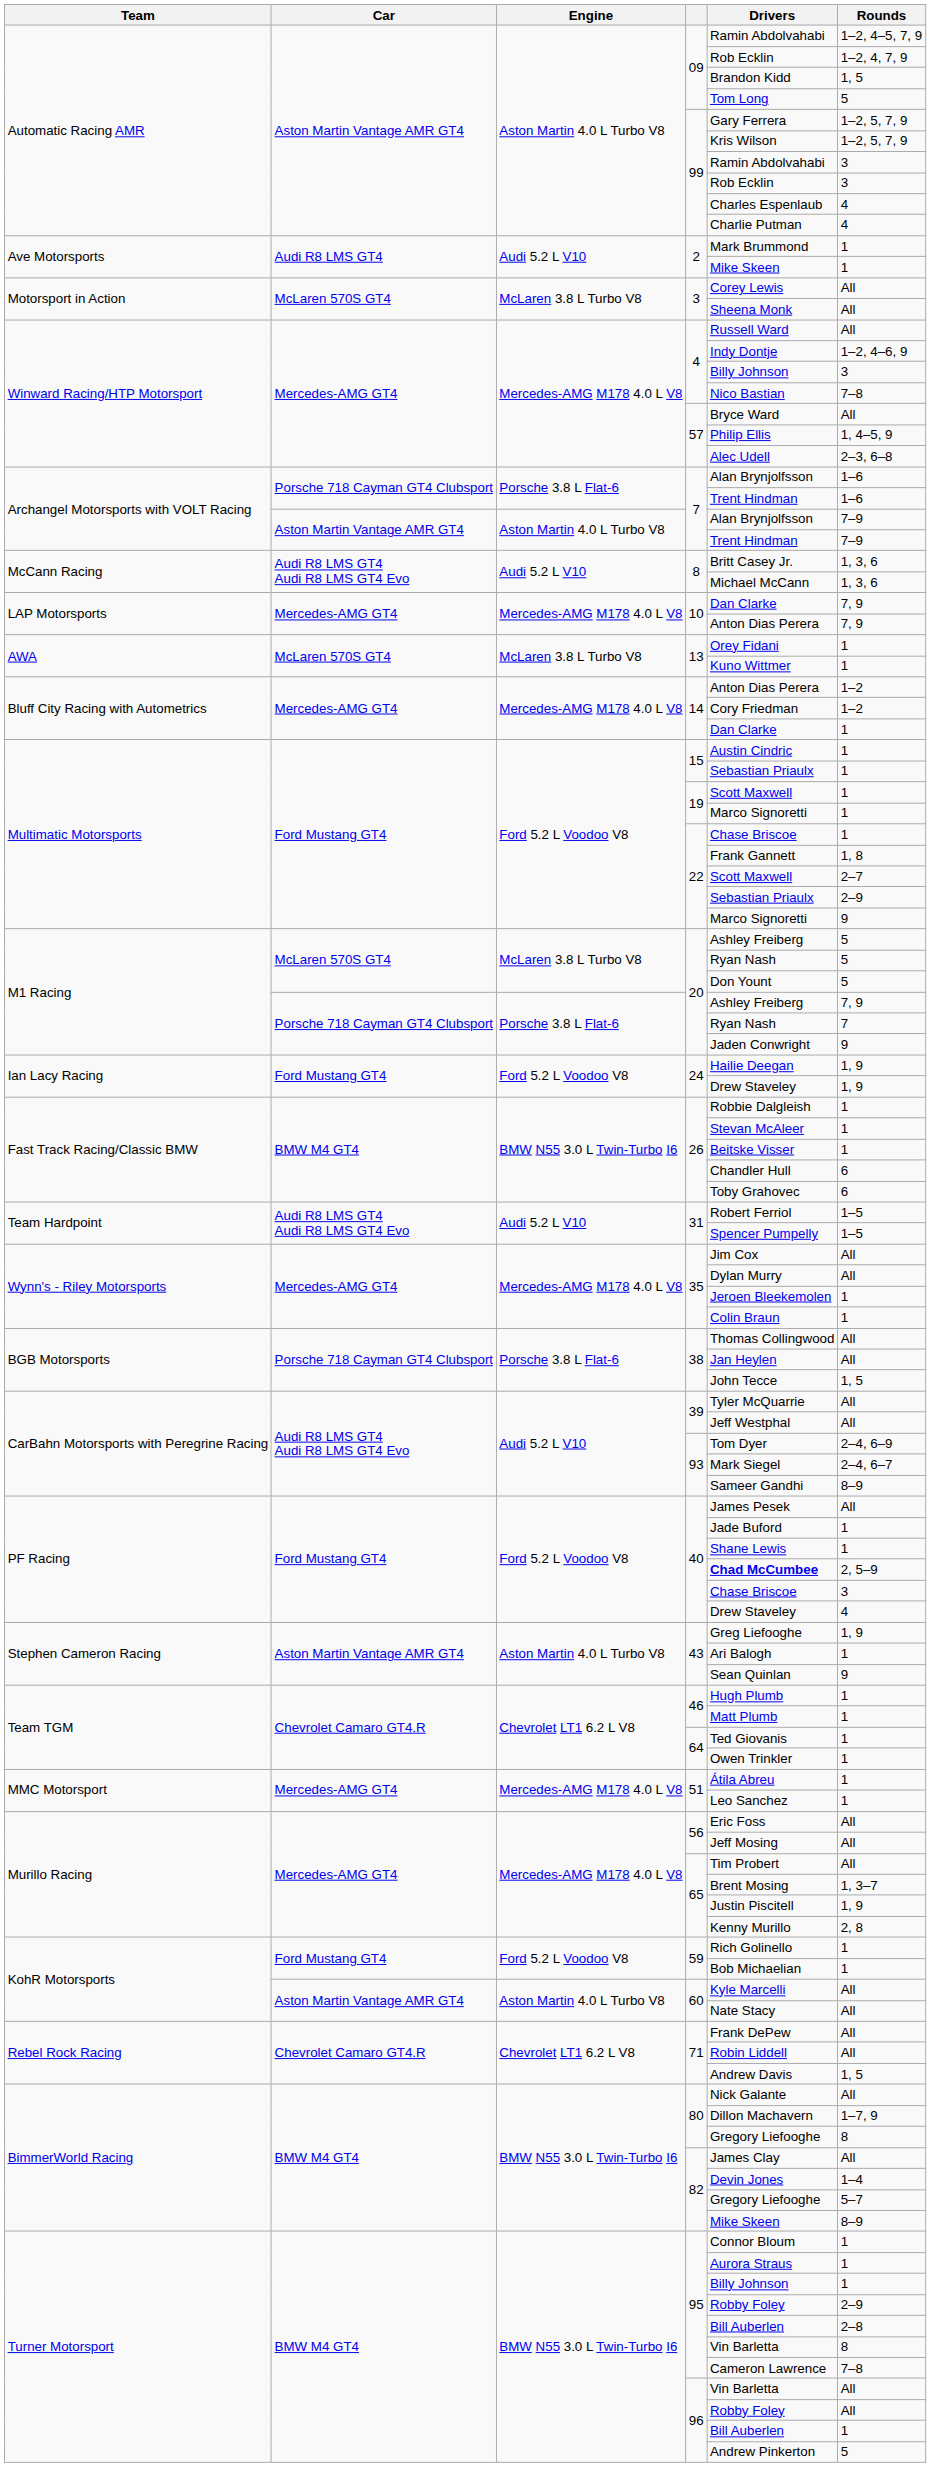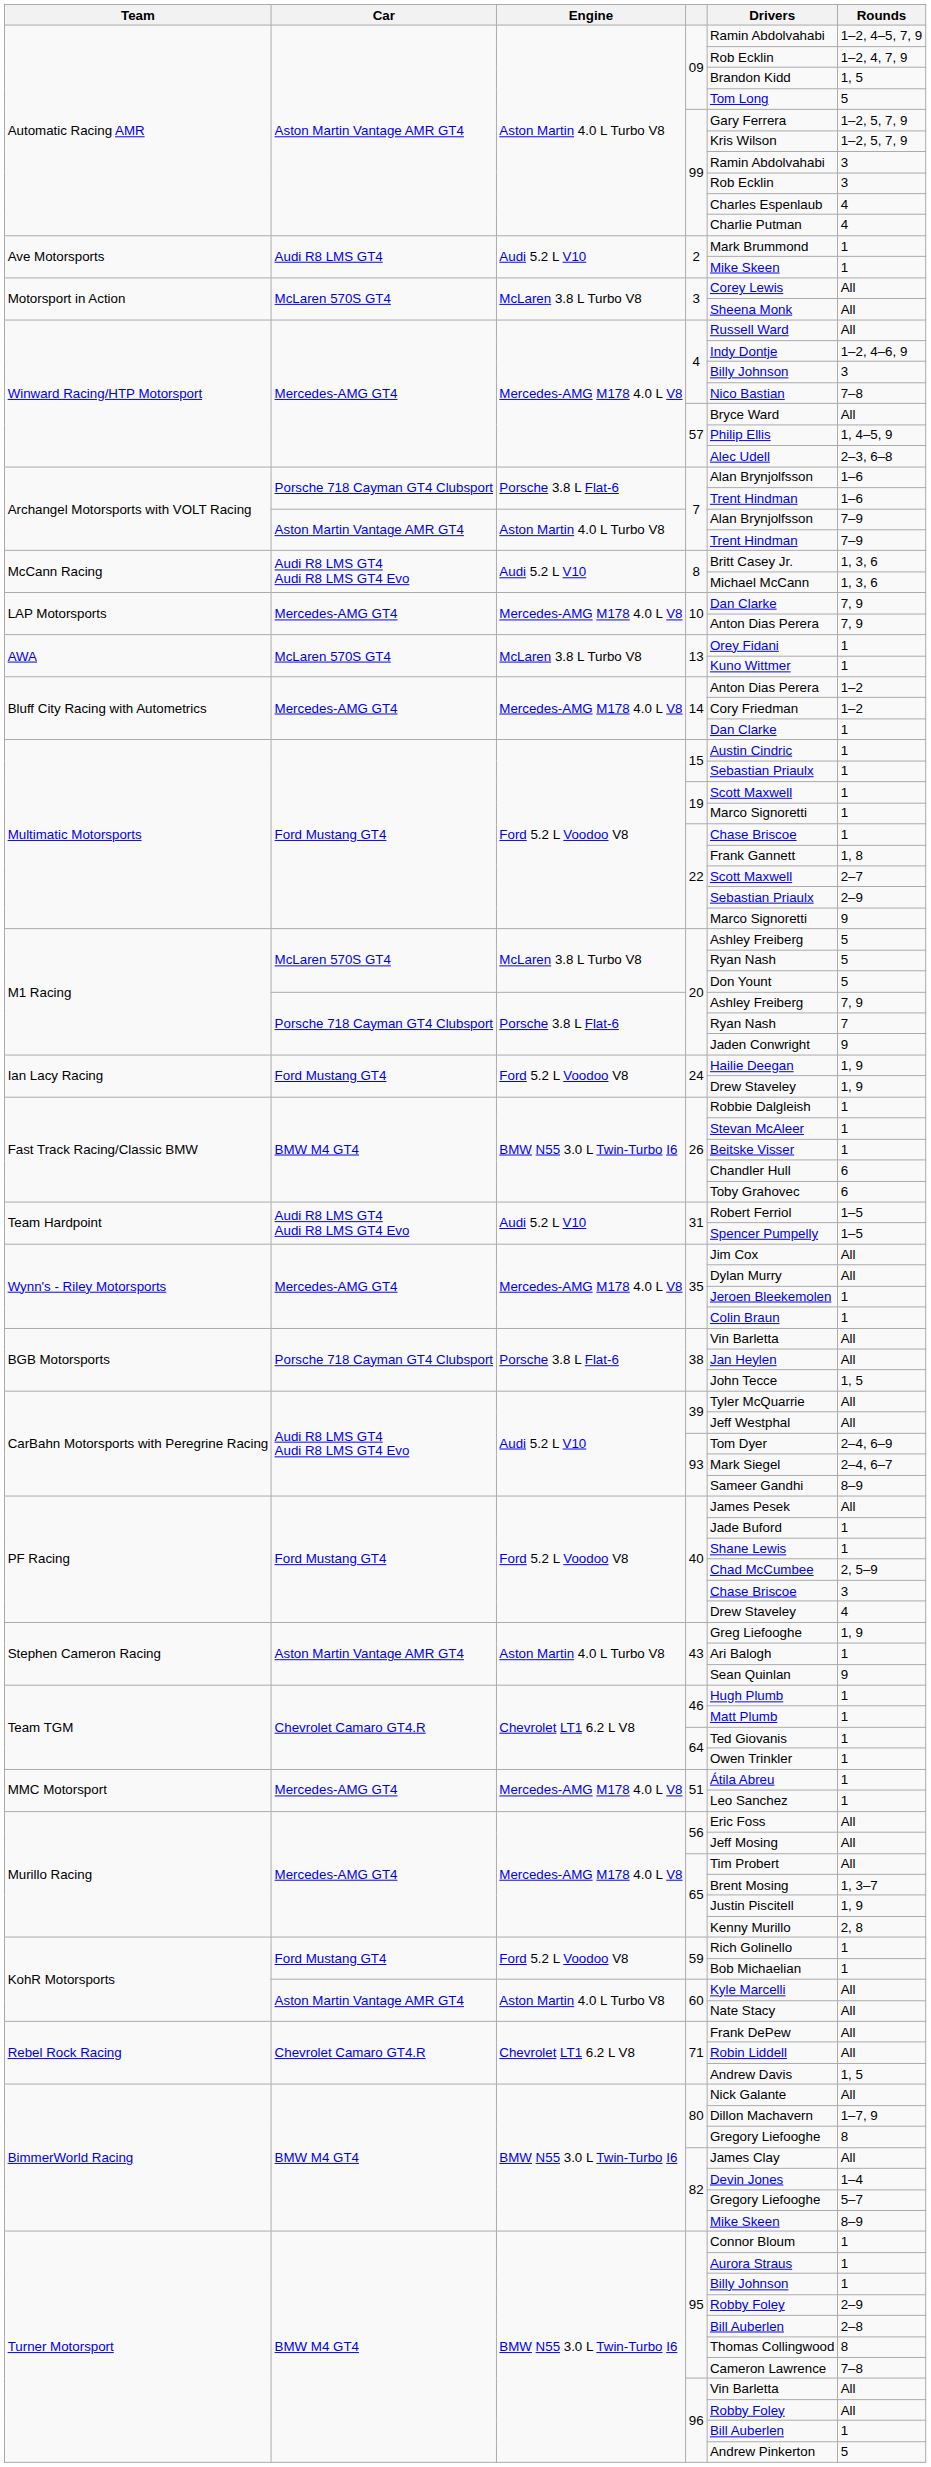 <table class="wikitable" style="font-size: 85%">
 <tr>
 <th>Team</th>
 <th>Car</th>
 <th>Engine</th>
 <th></th>
 <th>Drivers</th>
 <th>Rounds</th>
 </tr>
 <tr>
 <td rowspan=10> Automatic Racing <a href='#'>AMR</a></td>
 <td rowspan=10><a href='#'>Aston Martin Vantage AMR GT4</a></td>
 <td rowspan=10><a href='#'>Aston Martin</a> 4.0 L Turbo V8</td>
 <td rowspan=4 align="center">09</td>
 <td> Ramin Abdolvahabi</td>
 <td>1–2, 4–5, 7, 9</td>
 </tr>
 <tr>
 <td> Rob Ecklin</td>
 <td>1–2, 4, 7, 9</td>
 </tr>
 <tr>
 <td> Brandon Kidd</td>
 <td>1, 5</td>
 </tr>
 <tr>
 <td> <a href='#'>Tom Long</a></td>
 <td>5</td>
 </tr>
 <tr>
 <td rowspan=6 align="center">99</td>
 <td> Gary Ferrera</td>
 <td>1–2, 5, 7, 9</td>
 </tr>
 <tr>
 <td> Kris Wilson</td>
 <td>1–2, 5, 7, 9</td>
 </tr>
 <tr>
 <td> Ramin Abdolvahabi</td>
 <td>3</td>
 </tr>
 <tr>
 <td> Rob Ecklin</td>
 <td>3</td>
 </tr>
 <tr>
 <td> Charles Espenlaub</td>
 <td>4</td>
 </tr>
 <tr>
 <td> Charlie Putman</td>
 <td>4</td>
 </tr>
 <tr>
 <td rowspan=2> Ave Motorsports</td>
 <td rowspan=2><a href='#'>Audi R8 LMS GT4</a></td>
 <td rowspan=2><a href='#'>Audi</a> 5.2 L <a href='#'>V10</a></td>
 <td rowspan=2 align="center">2</td>
 <td> Mark Brummond</td>
 <td>1</td>
 </tr>
 <tr>
 <td> <a href='#'>Mike Skeen</a></td>
 <td>1</td>
 </tr>
 <tr>
 <td rowspan=2> Motorsport in Action</td>
 <td rowspan=2><a href='#'>McLaren 570S GT4</a></td>
 <td rowspan=2><a href='#'>McLaren</a> 3.8 L Turbo V8</td>
 <td rowspan=2 align="center">3</td>
 <td> <a href='#'>Corey Lewis</a></td>
 <td>All</td>
 </tr>
 <tr>
 <td> <a href='#'>Sheena Monk</a></td>
 <td>All</td>
 </tr>
 <tr>
 <td rowspan=7> <a href='#'>Winward Racing/HTP Motorsport</a></td>
 <td rowspan=7><a href='#'>Mercedes-AMG GT4</a></td>
 <td rowspan=7><a href='#'>Mercedes-AMG</a> <a href='#'>M178</a> 4.0 L <a href='#'>V8</a></td>
 <td rowspan=4 align="center">4</td>
 <td> <a href='#'>Russell Ward</a></td>
 <td>All</td>
 </tr>
 <tr>
 <td> <a href='#'>Indy Dontje</a></td>
 <td>1–2, 4–6, 9</td>
 </tr>
 <tr>
 <td> <a href='#'>Billy Johnson</a></td>
 <td>3</td>
 </tr>
 <tr>
 <td> <a href='#'>Nico Bastian</a></td>
 <td>7–8</td>
 </tr>
 <tr>
 <td rowspan=3 align="center">57</td>
 <td> Bryce Ward</td>
 <td>All</td>
 </tr>
 <tr>
 <td> <a href='#'>Philip Ellis</a></td>
 <td>1, 4–5, 9</td>
 </tr>
 <tr>
 <td> <a href='#'>Alec Udell</a></td>
 <td>2–3, 6–8</td>
 </tr>
 <tr>
 <td rowspan=4> Archangel Motorsports with VOLT Racing</td>
 <td rowspan=2><a href='#'>Porsche 718 Cayman GT4 Clubsport</a></td>
 <td rowspan=2><a href='#'>Porsche</a> 3.8 L <a href='#'>Flat-6</a></td>
 <td rowspan=4 align="center">7</td>
 <td> Alan Brynjolfsson</td>
 <td>1–6</td>
 </tr>
 <tr>
 <td> <a href='#'>Trent Hindman</a></td>
 <td>1–6</td>
 </tr>
 <tr>
 <td rowspan=2><a href='#'>Aston Martin Vantage AMR GT4</a></td>
 <td rowspan=2><a href='#'>Aston Martin</a> 4.0 L Turbo V8</td>
 <td> Alan Brynjolfsson</td>
 <td>7–9</td>
 </tr>
 <tr>
 <td> <a href='#'>Trent Hindman</a></td>
 <td>7–9</td>
 </tr>
 <tr>
 <td rowspan=2> McCann Racing</td>
 <td rowspan=2><a href='#'>Audi R8 LMS GT4</a> <small></small> <br><a href='#'>Audi R8 LMS GT4 Evo</a> <small></small></td>
 <td rowspan=2><a href='#'>Audi</a> 5.2 L <a href='#'>V10</a></td>
 <td rowspan=2 align="center">8</td>
 <td> Britt Casey Jr.</td>
 <td>1, 3, 6</td>
 </tr>
 <tr>
 <td> Michael McCann</td>
 <td>1, 3, 6</td>
 </tr>
 <tr>
 <td rowspan=2> LAP Motorsports</td>
 <td rowspan=2><a href='#'>Mercedes-AMG GT4</a></td>
 <td rowspan=2><a href='#'>Mercedes-AMG</a> <a href='#'>M178</a> 4.0 L <a href='#'>V8</a></td>
 <td rowspan=2 align="center">10</td>
 <td> <a href='#'>Dan Clarke</a></td>
 <td>7, 9</td>
 </tr>
 <tr>
 <td> Anton Dias Perera</td>
 <td>7, 9</td>
 </tr>
 <tr>
 <td rowspan=2> <a href='#'>AWA</a></td>
 <td rowspan=2><a href='#'>McLaren 570S GT4</a></td>
 <td rowspan=2><a href='#'>McLaren</a> 3.8 L Turbo V8</td>
 <td rowspan=2 align="center">13</td>
 <td> <a href='#'>Orey Fidani</a></td>
 <td>1</td>
 </tr>
 <tr>
 <td> <a href='#'>Kuno Wittmer</a></td>
 <td>1</td>
 </tr>
 <tr>
 <td rowspan=3> Bluff City Racing with Autometrics</td>
 <td rowspan=3><a href='#'>Mercedes-AMG GT4</a></td>
 <td rowspan=3><a href='#'>Mercedes-AMG</a> <a href='#'>M178</a> 4.0 L <a href='#'>V8</a></td>
 <td rowspan=3 align="center">14</td>
 <td> Anton Dias Perera</td>
 <td>1–2</td>
 </tr>
 <tr>
 <td> Cory Friedman</td>
 <td>1–2</td>
 </tr>
 <tr>
 <td> <a href='#'>Dan Clarke</a></td>
 <td>1</td>
 </tr>
 <tr>
 <td rowspan=9> <a href='#'>Multimatic Motorsports</a></td>
 <td rowspan=9><a href='#'>Ford Mustang GT4</a></td>
 <td rowspan=9><a href='#'>Ford</a> 5.2 L <a href='#'>Voodoo</a> V8</td>
 <td rowspan=2 align="center">15</td>
 <td> <a href='#'>Austin Cindric</a></td>
 <td>1</td>
 </tr>
 <tr>
 <td> <a href='#'>Sebastian Priaulx</a></td>
 <td>1</td>
 </tr>
 <tr>
 <td rowspan=2 align="center">19</td>
 <td> <a href='#'>Scott Maxwell</a></td>
 <td>1</td>
 </tr>
 <tr>
 <td> Marco Signoretti</td>
 <td>1</td>
 </tr>
 <tr>
 <td rowspan=5 align="center">22</td>
 <td> <a href='#'>Chase Briscoe</a></td>
 <td>1</td>
 </tr>
 <tr>
 <td> Frank Gannett</td>
 <td>1, 8</td>
 </tr>
 <tr>
 <td> <a href='#'>Scott Maxwell</a></td>
 <td>2–7</td>
 </tr>
 <tr>
 <td> <a href='#'>Sebastian Priaulx</a></td>
 <td>2–9</td>
 </tr>
 <tr>
 <td> Marco Signoretti</td>
 <td>9</td>
 </tr>
 <tr>
 <td rowspan="6"> M1 Racing</td>
 <td rowspan=3><a href='#'>McLaren 570S GT4</a></td>
 <td rowspan=3><a href='#'>McLaren</a> 3.8 L Turbo V8</td>
 <td rowspan="6" align="center">20</td>
 <td> Ashley Freiberg</td>
 <td>5</td>
 </tr>
 <tr>
 <td> Ryan Nash</td>
 <td>5</td>
 </tr>
 <tr>
 <td> Don Yount</td>
 <td>5</td>
 </tr>
 <tr>
 <td rowspan="3"><a href='#'>Porsche 718 Cayman GT4 Clubsport</a></td>
 <td rowspan="3"><a href='#'>Porsche</a> 3.8 L <a href='#'>Flat-6</a></td>
 <td> Ashley Freiberg</td>
 <td>7, 9</td>
 </tr>
 <tr>
 <td> Ryan Nash</td>
 <td>7</td>
 </tr>
 <tr>
 <td> Jaden Conwright</td>
 <td>9</td>
 </tr>
 <tr>
 <td rowspan=2> Ian Lacy Racing</td>
 <td rowspan=2><a href='#'>Ford Mustang GT4</a></td>
 <td rowspan=2><a href='#'>Ford</a> 5.2 L <a href='#'>Voodoo</a> V8</td>
 <td rowspan=2 align="center">24</td>
 <td> <a href='#'>Hailie Deegan</a></td>
 <td>1, 9</td>
 </tr>
 <tr>
 <td> Drew Staveley</td>
 <td>1, 9</td>
 </tr>
 <tr>
 <td rowspan=5> Fast Track Racing/Classic BMW</td>
 <td rowspan=5><a href='#'>BMW M4 GT4</a></td>
 <td rowspan=5><a href='#'>BMW</a> <a href='#'>N55</a> 3.0 L <a href='#'>Twin-Turbo</a> <a href='#'>I6</a></td>
 <td rowspan=5 align="center">26</td>
 <td> Robbie Dalgleish</td>
 <td>1</td>
 </tr>
 <tr>
 <td> <a href='#'>Stevan McAleer</a></td>
 <td>1</td>
 </tr>
 <tr>
 <td> <a href='#'>Beitske Visser</a></td>
 <td>1</td>
 </tr>
 <tr>
 <td> Chandler Hull</td>
 <td>6</td>
 </tr>
 <tr>
 <td> Toby Grahovec</td>
 <td>6</td>
 </tr>
 <tr>
 <td rowspan=2> Team Hardpoint</td>
 <td rowspan=2><a href='#'>Audi R8 LMS GT4</a> <small></small> <br><a href='#'>Audi R8 LMS GT4 Evo</a> <small></small></td>
 <td rowspan=2><a href='#'>Audi</a> 5.2 L <a href='#'>V10</a></td>
 <td rowspan=2 align="center">31</td>
 <td> Robert Ferriol</td>
 <td>1–5</td>
 </tr>
 <tr>
 <td> <a href='#'>Spencer Pumpelly</a></td>
 <td>1–5</td>
 </tr>
 <tr>
 <td rowspan=4> <a href='#'>Wynn's - Riley Motorsports</a></td>
 <td rowspan=4><a href='#'>Mercedes-AMG GT4</a></td>
 <td rowspan=4><a href='#'>Mercedes-AMG</a> <a href='#'>M178</a> 4.0 L <a href='#'>V8</a></td>
 <td rowspan=4 align="center">35</td>
 <td> Jim Cox</td>
 <td>All</td>
 </tr>
 <tr>
 <td> Dylan Murry</td>
 <td>All</td>
 </tr>
 <tr>
 <td> <a href='#'>Jeroen Bleekemolen</a></td>
 <td>1</td>
 </tr>
 <tr>
 <td> <a href='#'>Colin Braun</a></td>
 <td>1</td>
 </tr>
 <tr>
 <td rowspan=3> BGB Motorsports</td>
 <td rowspan=3><a href='#'>Porsche 718 Cayman GT4 Clubsport</a></td>
 <td rowspan=3><a href='#'>Porsche</a> 3.8 L <a href='#'>Flat-6</a></td>
 <td rowspan=3 align="center">38</td>
-<td> Thomas Collingwood</td>
+<td> Vin Barletta</td>
 <td>All</td>
 </tr>
 <tr>
 <td> <a href='#'>Jan Heylen</a></td>
 <td>All</td>
 </tr>
 <tr>
 <td> John Tecce</td>
 <td>1, 5</td>
 </tr>
 <tr>
 <td rowspan=5> CarBahn Motorsports with Peregrine Racing</td>
 <td rowspan=5><a href='#'>Audi R8 LMS GT4</a> <small></small> <br><a href='#'>Audi R8 LMS GT4 Evo</a> <small></small></td>
 <td rowspan=5><a href='#'>Audi</a> 5.2 L <a href='#'>V10</a></td>
 <td rowspan=2 align="center">39</td>
 <td> Tyler McQuarrie</td>
 <td>All</td>
 </tr>
 <tr>
 <td> Jeff Westphal</td>
 <td>All</td>
 </tr>
 <tr>
 <td rowspan=3 align="center">93</td>
 <td> Tom Dyer</td>
 <td>2–4, 6–9</td>
 </tr>
 <tr>
 <td> Mark Siegel</td>
 <td>2–4, 6–7</td>
 </tr>
 <tr>
 <td> Sameer Gandhi</td>
 <td>8–9</td>
 </tr>
 <tr>
 <td rowspan="6"> PF Racing</td>
 <td rowspan="6"><a href='#'>Ford Mustang GT4</a></td>
 <td rowspan="6"><a href='#'>Ford</a> 5.2 L <a href='#'>Voodoo</a> V8</td>
 <td rowspan="6" align="center">40</td>
 <td> James Pesek</td>
 <td>All</td>
 </tr>
 <tr>
 <td> Jade Buford</td>
 <td>1</td>
 </tr>
 <tr>
 <td> <a href='#'>Shane Lewis</a></td>
 <td>1</td>
 </tr>
 <tr>
-<td><strong> <a href='#'>Chad McCumbee</a></strong></td>
+<td> <a href='#'>Chad McCumbee</a></td>
 <td>2, 5–9</td>
 </tr>
 <tr>
 <td> <a href='#'>Chase Briscoe</a></td>
 <td>3</td>
 </tr>
 <tr>
 <td> Drew Staveley</td>
 <td>4</td>
 </tr>
 <tr>
 <td rowspan=3> Stephen Cameron Racing</td>
 <td rowspan=3><a href='#'>Aston Martin Vantage AMR GT4</a></td>
 <td rowspan=3><a href='#'>Aston Martin</a> 4.0 L Turbo V8</td>
 <td rowspan=3 align="center">43</td>
 <td> Greg Liefooghe</td>
 <td>1, 9</td>
 </tr>
 <tr>
 <td> Ari Balogh</td>
 <td>1</td>
 </tr>
 <tr>
 <td> Sean Quinlan</td>
 <td>9</td>
 </tr>
 <tr>
 <td rowspan=4> Team TGM</td>
 <td rowspan=4><a href='#'>Chevrolet Camaro GT4.R</a></td>
 <td rowspan=4><a href='#'>Chevrolet</a> <a href='#'>LT1</a> 6.2 L V8</td>
 <td rowspan=2 align="center">46</td>
 <td> <a href='#'>Hugh Plumb</a></td>
 <td>1</td>
 </tr>
 <tr>
 <td> <a href='#'>Matt Plumb</a></td>
 <td>1</td>
 </tr>
 <tr>
 <td rowspan=2 align="center">64</td>
 <td> Ted Giovanis</td>
 <td>1</td>
 </tr>
 <tr>
 <td> Owen Trinkler</td>
 <td>1</td>
 </tr>
 <tr>
 <td rowspan=2> MMC Motorsport</td>
 <td rowspan=2><a href='#'>Mercedes-AMG GT4</a></td>
 <td rowspan=2><a href='#'>Mercedes-AMG</a> <a href='#'>M178</a> 4.0 L <a href='#'>V8</a></td>
 <td rowspan=2 align="center">51</td>
 <td> <a href='#'>Átila Abreu</a></td>
 <td>1</td>
 </tr>
 <tr>
 <td> Leo Sanchez</td>
 <td>1</td>
 </tr>
 <tr>
 <td rowspan=6> Murillo Racing</td>
 <td rowspan=6><a href='#'>Mercedes-AMG GT4</a></td>
 <td rowspan=6><a href='#'>Mercedes-AMG</a> <a href='#'>M178</a> 4.0 L <a href='#'>V8</a></td>
 <td rowspan=2 align="center">56</td>
 <td> Eric Foss</td>
 <td>All</td>
 </tr>
 <tr>
 <td> Jeff Mosing</td>
 <td>All</td>
 </tr>
 <tr>
 <td rowspan=4 align="center">65</td>
 <td> Tim Probert</td>
 <td>All</td>
 </tr>
 <tr>
 <td> Brent Mosing</td>
 <td>1, 3–7</td>
 </tr>
 <tr>
 <td> Justin Piscitell</td>
 <td>1, 9</td>
 </tr>
 <tr>
 <td> Kenny Murillo</td>
 <td>2, 8</td>
 </tr>
 <tr>
 <td rowspan=4> KohR Motorsports</td>
 <td rowspan=2><a href='#'>Ford Mustang GT4</a></td>
 <td rowspan=2><a href='#'>Ford</a> 5.2 L <a href='#'>Voodoo</a> V8</td>
 <td rowspan=2 align="center">59</td>
 <td> Rich Golinello</td>
 <td>1</td>
 </tr>
 <tr>
 <td> Bob Michaelian</td>
 <td>1</td>
 </tr>
 <tr>
 <td rowspan=2><a href='#'>Aston Martin Vantage AMR GT4</a></td>
 <td rowspan=2><a href='#'>Aston Martin</a> 4.0 L Turbo V8</td>
 <td rowspan=2 align="center">60</td>
 <td> <a href='#'>Kyle Marcelli</a></td>
 <td>All</td>
 </tr>
 <tr>
 <td> Nate Stacy</td>
 <td>All</td>
 </tr>
 <tr>
 <td rowspan=3> <a href='#'>Rebel Rock Racing</a></td>
 <td rowspan=3><a href='#'>Chevrolet Camaro GT4.R</a></td>
 <td rowspan=3><a href='#'>Chevrolet</a> <a href='#'>LT1</a> 6.2 L V8</td>
 <td rowspan=3 align="center">71</td>
 <td> Frank DePew</td>
 <td>All</td>
 </tr>
 <tr>
 <td> <a href='#'>Robin Liddell</a></td>
 <td>All</td>
 </tr>
 <tr>
 <td> Andrew Davis</td>
 <td>1, 5</td>
 </tr>
 <tr>
 <td rowspan=7> <a href='#'>BimmerWorld Racing</a></td>
 <td rowspan=7><a href='#'>BMW M4 GT4</a></td>
 <td rowspan=7><a href='#'>BMW</a> <a href='#'>N55</a> 3.0 L <a href='#'>Twin-Turbo</a> <a href='#'>I6</a></td>
 <td rowspan=3 align="center">80</td>
 <td> Nick Galante</td>
 <td>All</td>
 </tr>
 <tr>
 <td> Dillon Machavern</td>
 <td>1–7, 9</td>
 </tr>
 <tr>
 <td> Gregory Liefooghe</td>
 <td>8</td>
 </tr>
 <tr>
 <td rowspan=4 align="center">82</td>
 <td> James Clay</td>
 <td>All</td>
 </tr>
 <tr>
 <td> <a href='#'>Devin Jones</a></td>
 <td>1–4</td>
 </tr>
 <tr>
 <td> Gregory Liefooghe</td>
 <td>5–7</td>
 </tr>
 <tr>
 <td> <a href='#'>Mike Skeen</a></td>
 <td>8–9</td>
 </tr>
 <tr>
 <td rowspan=11> <a href='#'>Turner Motorsport</a></td>
 <td rowspan=11><a href='#'>BMW M4 GT4</a></td>
 <td rowspan=11><a href='#'>BMW</a> <a href='#'>N55</a> 3.0 L <a href='#'>Twin-Turbo</a> <a href='#'>I6</a></td>
 <td rowspan=7 align="center">95</td>
 <td> Connor Bloum</td>
 <td>1</td>
 </tr>
 <tr>
 <td> <a href='#'>Aurora Straus</a></td>
 <td>1</td>
 </tr>
 <tr>
 <td> <a href='#'>Billy Johnson</a></td>
 <td>1</td>
 </tr>
 <tr>
 <td> <a href='#'>Robby Foley</a></td>
 <td>2–9</td>
 </tr>
 <tr>
 <td> <a href='#'>Bill Auberlen</a></td>
 <td>2–8</td>
 </tr>
 <tr>
-<td> Vin Barletta</td>
+<td> Thomas Collingwood</td>
 <td>8</td>
 </tr>
 <tr>
 <td> Cameron Lawrence</td>
 <td>7–8</td>
 </tr>
 <tr>
 <td rowspan=4 align="center">96</td>
 <td> Vin Barletta</td>
 <td>All</td>
 </tr>
 <tr>
 <td> <a href='#'>Robby Foley</a></td>
 <td>All</td>
 </tr>
 <tr>
 <td> <a href='#'>Bill Auberlen</a></td>
 <td>1</td>
 </tr>
 <tr>
 <td> Andrew Pinkerton</td>
 <td>5</td>
 </tr>
 </table>
